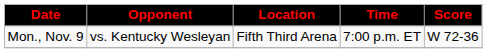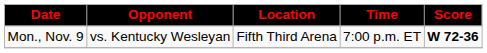 <table class="wikitable" style="text-align:center">
 <tr>
 <th style="background:black;color:red;">Date</th>
 <th style="background:black;color:red;">Opponent</th>
 <th style="background:black;color:red;">Location</th>
 <th style="background:black;color:red;">Time</th>
 <th style="background:black;color:red;">Score</th>
 </tr>
 <tr>
 <td>Mon., Nov. 9</td>
 <td>vs. Kentucky Wesleyan</td>
 <td>Fifth Third Arena</td>
 <td>7:00 p.m. ET</td>
-<td>W 72-36</td>
+<td><strong>W 72-36</strong></td>
 </tr>
 <tr>
 </tr>
 </table>
